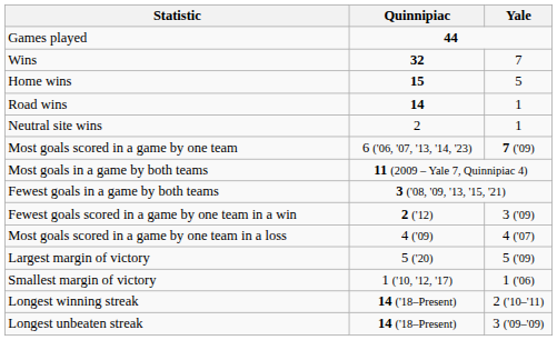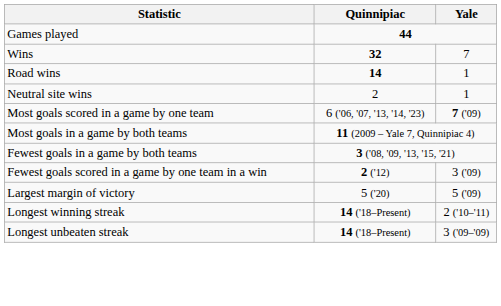 <table class="wikitable" width=50%>
 <tr>
 <th>Statistic</th>
 <th>Quinnipiac</th>
 <th>Yale</th>
 </tr>
 <tr>
 <td>Games played</td>
 <td align=center colspan=2><strong>44</strong></td>
 </tr>
 <tr>
 <td>Wins</td>
 <td align=center><strong>32</strong></td>
 <td align=center>7</td>
-</tr>
-<tr>
-<td>Home wins</td>
-<td align=center><strong>15</strong></td>
-<td align=center>5</td>
 </tr>
 <tr>
 <td>Road wins</td>
 <td align=center><strong>14</strong></td>
 <td align=center>1</td>
 </tr>
 <tr>
 <td>Neutral site wins</td>
 <td align=center>2</td>
 <td align=center>1</td>
 </tr>
 <tr>
 <td>Most goals scored in a game by one team</td>
 <td align=center>6 <small>('06, '07, '13, '14, '23)</small></td>
 <td align=center><strong>7</strong> <small>('09)</small></td>
 </tr>
 <tr>
 <td>Most goals in a game by both teams</td>
 <td align=center colspan=2><strong>11</strong> <small>(2009 – Yale 7, Quinnipiac 4)</small></td>
 </tr>
 <tr>
 <td>Fewest goals in a game by both teams</td>
 <td align=center colspan=2><strong>3</strong> <small>('08, '09, '13, '15, '21)</small></td>
 </tr>
 <tr>
 <td>Fewest goals scored in a game by one team in a win</td>
 <td align=center><strong>2</strong> <small>('12)</small></td>
 <td align=center>3 <small>('09)</small></td>
 </tr>
 <tr>
-<td>Most goals scored in a game by one team in a loss</td>
-<td align=center>4 <small>('09)</small></td>
-<td align=center>4 <small>('07)</small></td>
-</tr>
-<tr>
 <td>Largest margin of victory</td>
 <td align=center>5 <small>('20)</small></td>
 <td align=center>5 <small>('09)</small></td>
-</tr>
-<tr>
-<td>Smallest margin of victory</td>
-<td align=center>1 <small>('10, '12, '17)</small></td>
-<td align=center>1 <small>('06)</small></td>
 </tr>
 <tr>
 <td>Longest winning streak</td>
 <td align=center><strong>14</strong> <small>('18–Present)</small></td>
 <td align=center>2 <small>('10–'11)</small></td>
 </tr>
 <tr>
 <td>Longest unbeaten streak</td>
 <td align=center><strong>14</strong> <small>('18–Present)</small></td>
 <td align=center>3 <small>('09–'09)</small></td>
 </tr>
 </table>
